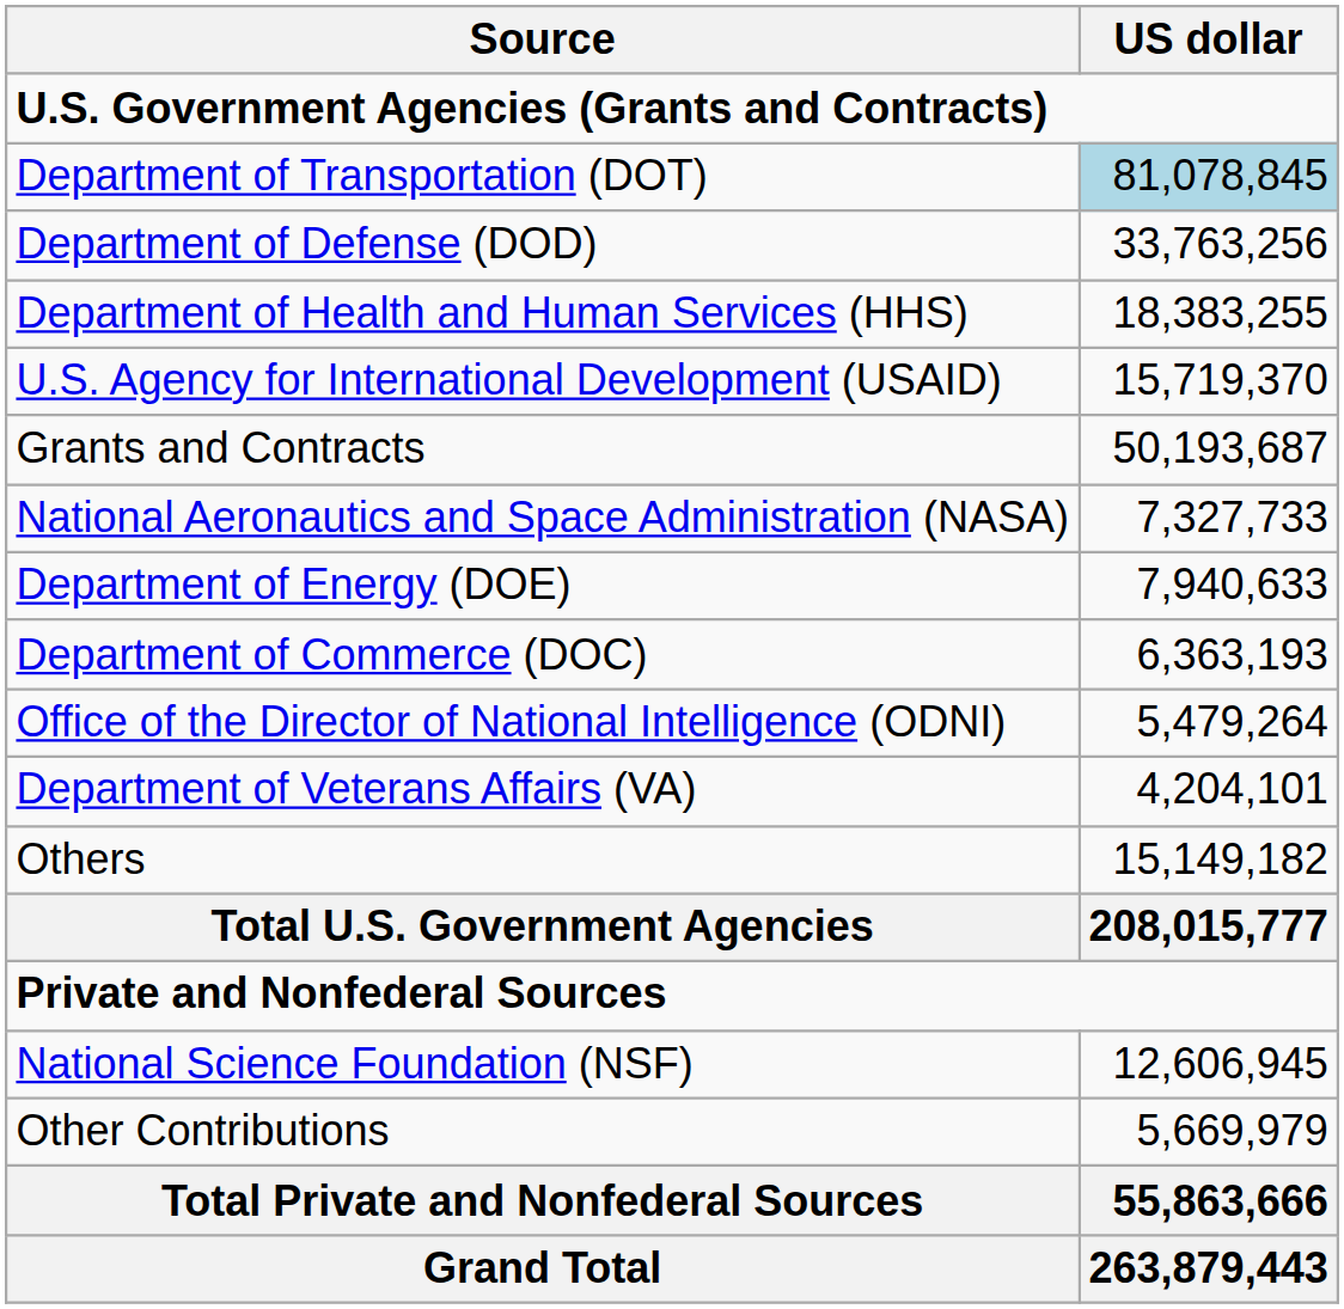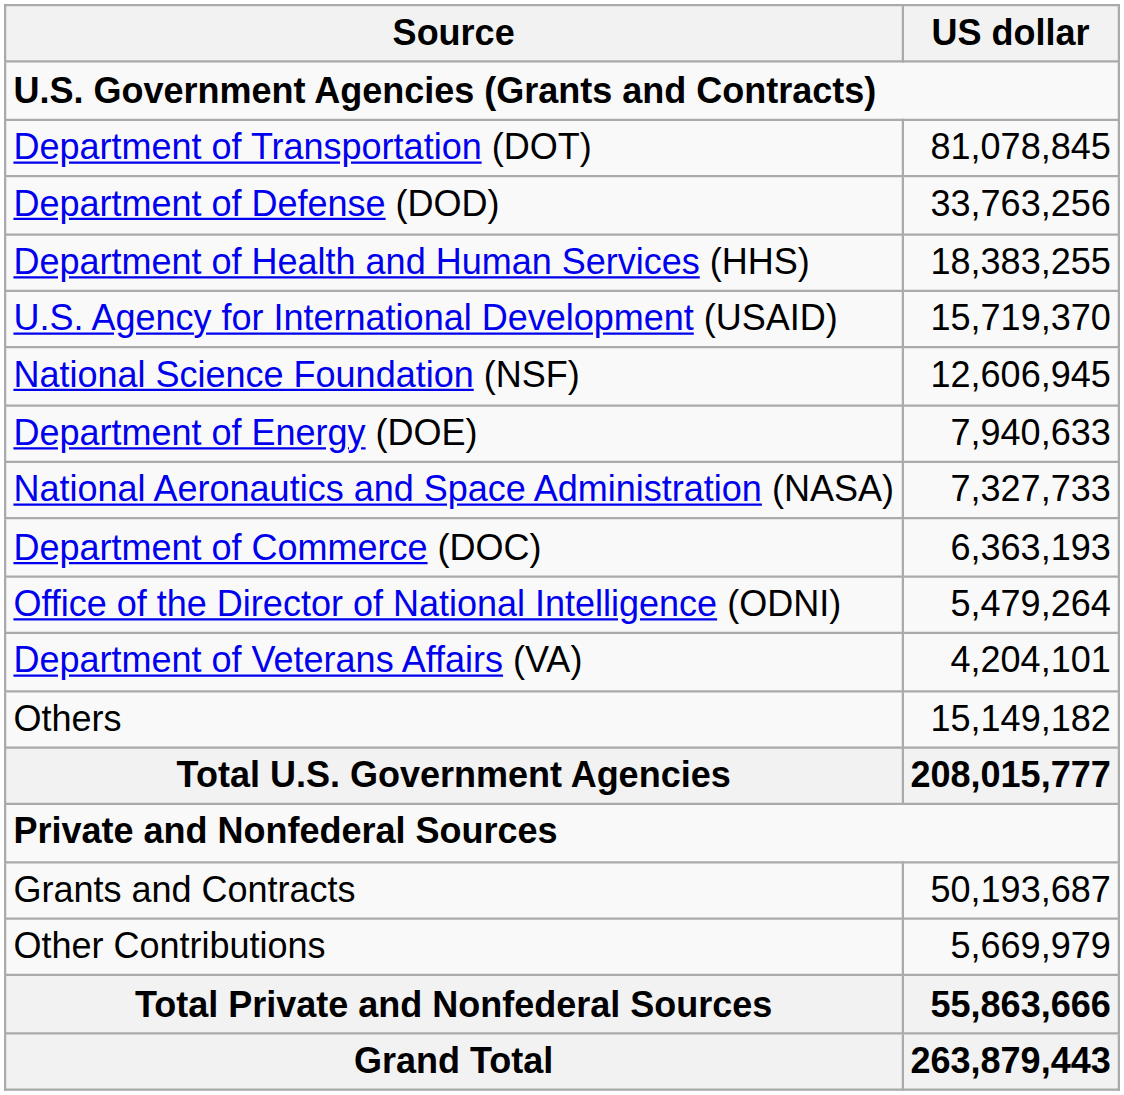 <table class="wikitable">
 <tr>
 <th>Source</th>
 <th>US dollar</th>
 </tr>
 <tr>
 <td colspan="2"><strong>U.S. Government Agencies (Grants and Contracts)</strong></td>
 </tr>
 <tr>
 <td><a href='#'>Department of Transportation</a> (DOT)</td>
-<td style="background: lightblue; text-align:right;">81,078,845</td>
+<td style="text-align:right;">81,078,845</td>
 </tr>
 <tr>
 <td><a href='#'>Department of Defense</a> (DOD)</td>
 <td style="text-align:right;">33,763,256</td>
 </tr>
 <tr>
 <td><a href='#'>Department of Health and Human Services</a> (HHS)</td>
 <td style="text-align:right;">18,383,255</td>
 </tr>
 <tr>
 <td><a href='#'>U.S. Agency for International Development</a> (USAID)</td>
 <td style="text-align:right;">15,719,370</td>
 </tr>
 <tr>
-<td>Grants and Contracts</td>
-<td style="text-align:right;">50,193,687</td>
+<td><a href='#'>National Science Foundation</a> (NSF)</td>
+<td style="text-align:right;">12,606,945</td>
+</tr>
+<tr>
+<td><a href='#'>Department of Energy</a> (DOE)</td>
+<td style="text-align:right;">7,940,633</td>
 </tr>
 <tr>
 <td><a href='#'>National Aeronautics and Space Administration</a> (NASA)</td>
 <td style="text-align:right;">7,327,733</td>
-</tr>
-<tr>
-<td><a href='#'>Department of Energy</a> (DOE)</td>
-<td style="text-align:right;">7,940,633</td>
 </tr>
 <tr>
 <td><a href='#'>Department of Commerce</a> (DOC)</td>
 <td style="text-align:right;">6,363,193</td>
 </tr>
 <tr>
 <td><a href='#'>Office of the Director of National Intelligence</a> (ODNI)</td>
 <td style="text-align:right;">5,479,264</td>
 </tr>
 <tr>
 <td><a href='#'>Department of Veterans Affairs</a> (VA)</td>
 <td style="text-align:right;">4,204,101</td>
 </tr>
 <tr>
 <td>Others</td>
 <td style="text-align:right;">15,149,182</td>
 </tr>
 <tr>
 <th>Total U.S. Government Agencies</th>
 <th style="text-align:right;">208,015,777</th>
 </tr>
 <tr>
 <td colspan="2"><strong>Private and Nonfederal Sources</strong></td>
 </tr>
 <tr>
-<td><a href='#'>National Science Foundation</a> (NSF)</td>
-<td style="text-align:right;">12,606,945</td>
+<td>Grants and Contracts</td>
+<td style="text-align:right;">50,193,687</td>
 </tr>
 <tr>
 <td>Other Contributions</td>
 <td style="text-align:right;">5,669,979</td>
 </tr>
 <tr>
 <th>Total Private and Nonfederal Sources</th>
 <th style="text-align:right;">55,863,666</th>
 </tr>
 <tr>
 <th>Grand Total</th>
 <th style="text-align:right;">263,879,443</th>
 </tr>
 </table>
